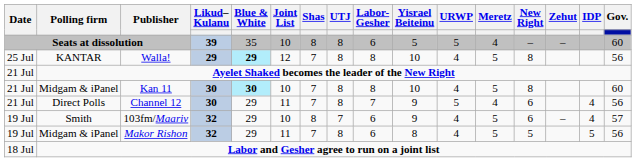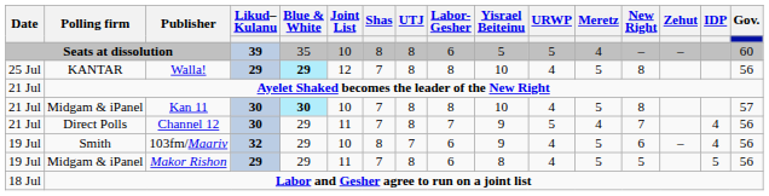 <table class="wikitable sortable" style="text-align:center;font-size:90%;line-height:13px">
 <tr>
 <th rowspan="2">Date</th>
 <th rowspan="2">Polling firm</th>
 <th rowspan="2">Publisher</th>
 <th><a href='#'>Likud</a>–<br><a href='#'>Kulanu</a></th>
 <th><a href='#'>Blue &<br>White</a></th>
 <th><a href='#'>Joint<br>List</a></th>
 <th><a href='#'>Shas</a></th>
 <th><a href='#'>UTJ</a></th>
 <th><a href='#'>Labor-<br>Gesher</a></th>
 <th><a href='#'>Yisrael<br>Beiteinu</a></th>
 <th><a href='#'>URWP</a></th>
 <th><a href='#'>Meretz</a></th>
 <th><a href='#'>New<br>Right</a></th>
 <th><a href='#'>Zehut</a></th>
 <th><a href='#'>IDP</a></th>
 <th>Gov.</th>
 </tr>
 <tr>
 <th style="background:"></th>
 <th style="background:"></th>
 <th style="background:"></th>
 <th style="background:"></th>
 <th style="background:"></th>
 <th style="background:"></th>
 <th style="background:"></th>
 <th style="background:"></th>
 <th style="background:"></th>
 <th style="background:"></th>
 <th style="background:"></th>
 <th style="background:"></th>
 <th style="background:#000EA3;"></th>
 </tr>
 <tr>
 <td style="background:silver" colspan=3><strong>Seats at dissolution</strong></td>
 <td style="background:#BBCDE4"><strong>39</strong>	</td>
 <td style="background:silver">35		</td>
 <td style="background:silver">10		</td>
 <td style="background:silver">8		</td>
 <td style="background:silver">8		</td>
 <td style="background:silver">6		</td>
 <td style="background:silver">5		</td>
 <td style="background:silver">5		</td>
 <td style="background:silver">4		</td>
 <td style="background:silver">–		</td>
 <td style="background:silver">–		</td>
 <td style="background:silver"></td>
 <td style="background:silver">60		</td>
 </tr>
 <tr>
 <td data-sort-value="2019-07-25">25 Jul</td>
 <td>KANTAR</td>
 <td><a href='#'>Walla!</a></td>
 <td style="background:#BBCDE4"><strong>29</strong>	</td>
 <td style="background:#B2EDFB"><strong>29</strong>	</td>
 <td>12					</td>
 <td>7					</td>
 <td>8					</td>
 <td>8					</td>
 <td>10					</td>
 <td>4					</td>
 <td>5					</td>
 <td>8					</td>
 <td>			</td>
 <td>			</td>
 <td>56					</td>
 </tr>
 <tr>
 <td data-sort-value="2019-07-21">21 Jul</td>
 <td colspan="16"><strong><a href='#'>Ayelet Shaked</a> becomes the leader of the <a href='#'>New Right</a></strong></td>
 </tr>
 <tr>
 <td data-sort-value="2019-07-21">21 Jul</td>
 <td>Midgam & iPanel</td>
 <td><a href='#'>Kan 11</a></td>
 <td style="background:#BBCDE4"><strong>30</strong>	</td>
 <td style="background:#B2EDFB"><strong>30</strong>	</td>
 <td>10					</td>
 <td>7					</td>
 <td>8					</td>
 <td>8					</td>
 <td>10					</td>
 <td>4					</td>
 <td>5					</td>
 <td>8					</td>
 <td>			</td>
 <td>			</td>
-<td>60					</td>
+<td>57					</td>
 </tr>
 <tr>
 <td data-sort-value="2019-07-21">21 Jul</td>
 <td>Direct Polls</td>
 <td><a href='#'>Channel 12</a></td>
 <td style="background:#BBCDE4"><strong>30</strong>	</td>
 <td>29					</td>
 <td>11					</td>
 <td>7					</td>
 <td>8					</td>
 <td>7					</td>
 <td>9					</td>
 <td>5					</td>
 <td>4					</td>
-<td>6					</td>
+<td>7					</td>
 <td>			</td>
 <td>4					</td>
 <td>56					</td>
 </tr>
 <tr>
 <td data-sort-value="2019-07-19">19 Jul</td>
 <td>Smith</td>
 <td>103fm/<em><a href='#'>Maariv</a></em></td>
 <td style="background:#BBCDE4"><strong>32</strong>	</td>
 <td>29					</td>
 <td>10					</td>
 <td>8					</td>
 <td>7					</td>
 <td>6					</td>
 <td>9					</td>
 <td>4					</td>
 <td>5					</td>
 <td>6					</td>
 <td>–					</td>
 <td>4					</td>
-<td>57					</td>
+<td>56					</td>
 </tr>
 <tr>
 <td data-sort-value="2019-07-19">19 Jul</td>
 <td>Midgam & iPanel</td>
 <td><em><a href='#'>Makor Rishon</a></em></td>
-<td style="background:#BBCDE4"><strong>32</strong>	</td>
+<td style="background:#BBCDE4"><strong>29</strong>	</td>
 <td>29					</td>
 <td>11					</td>
 <td>7					</td>
 <td>8					</td>
 <td>6					</td>
 <td>8					</td>
 <td>4					</td>
 <td>5					</td>
 <td>5					</td>
 <td>				</td>
 <td>5					</td>
 <td>56					</td>
 </tr>
 <tr>
 <td data-sort-value="2019-07-18">18 Jul</td>
 <td colspan="16"><strong><a href='#'>Labor</a> and <a href='#'>Gesher</a> agree to run on a joint list</strong></td>
 </tr>
 </table>
